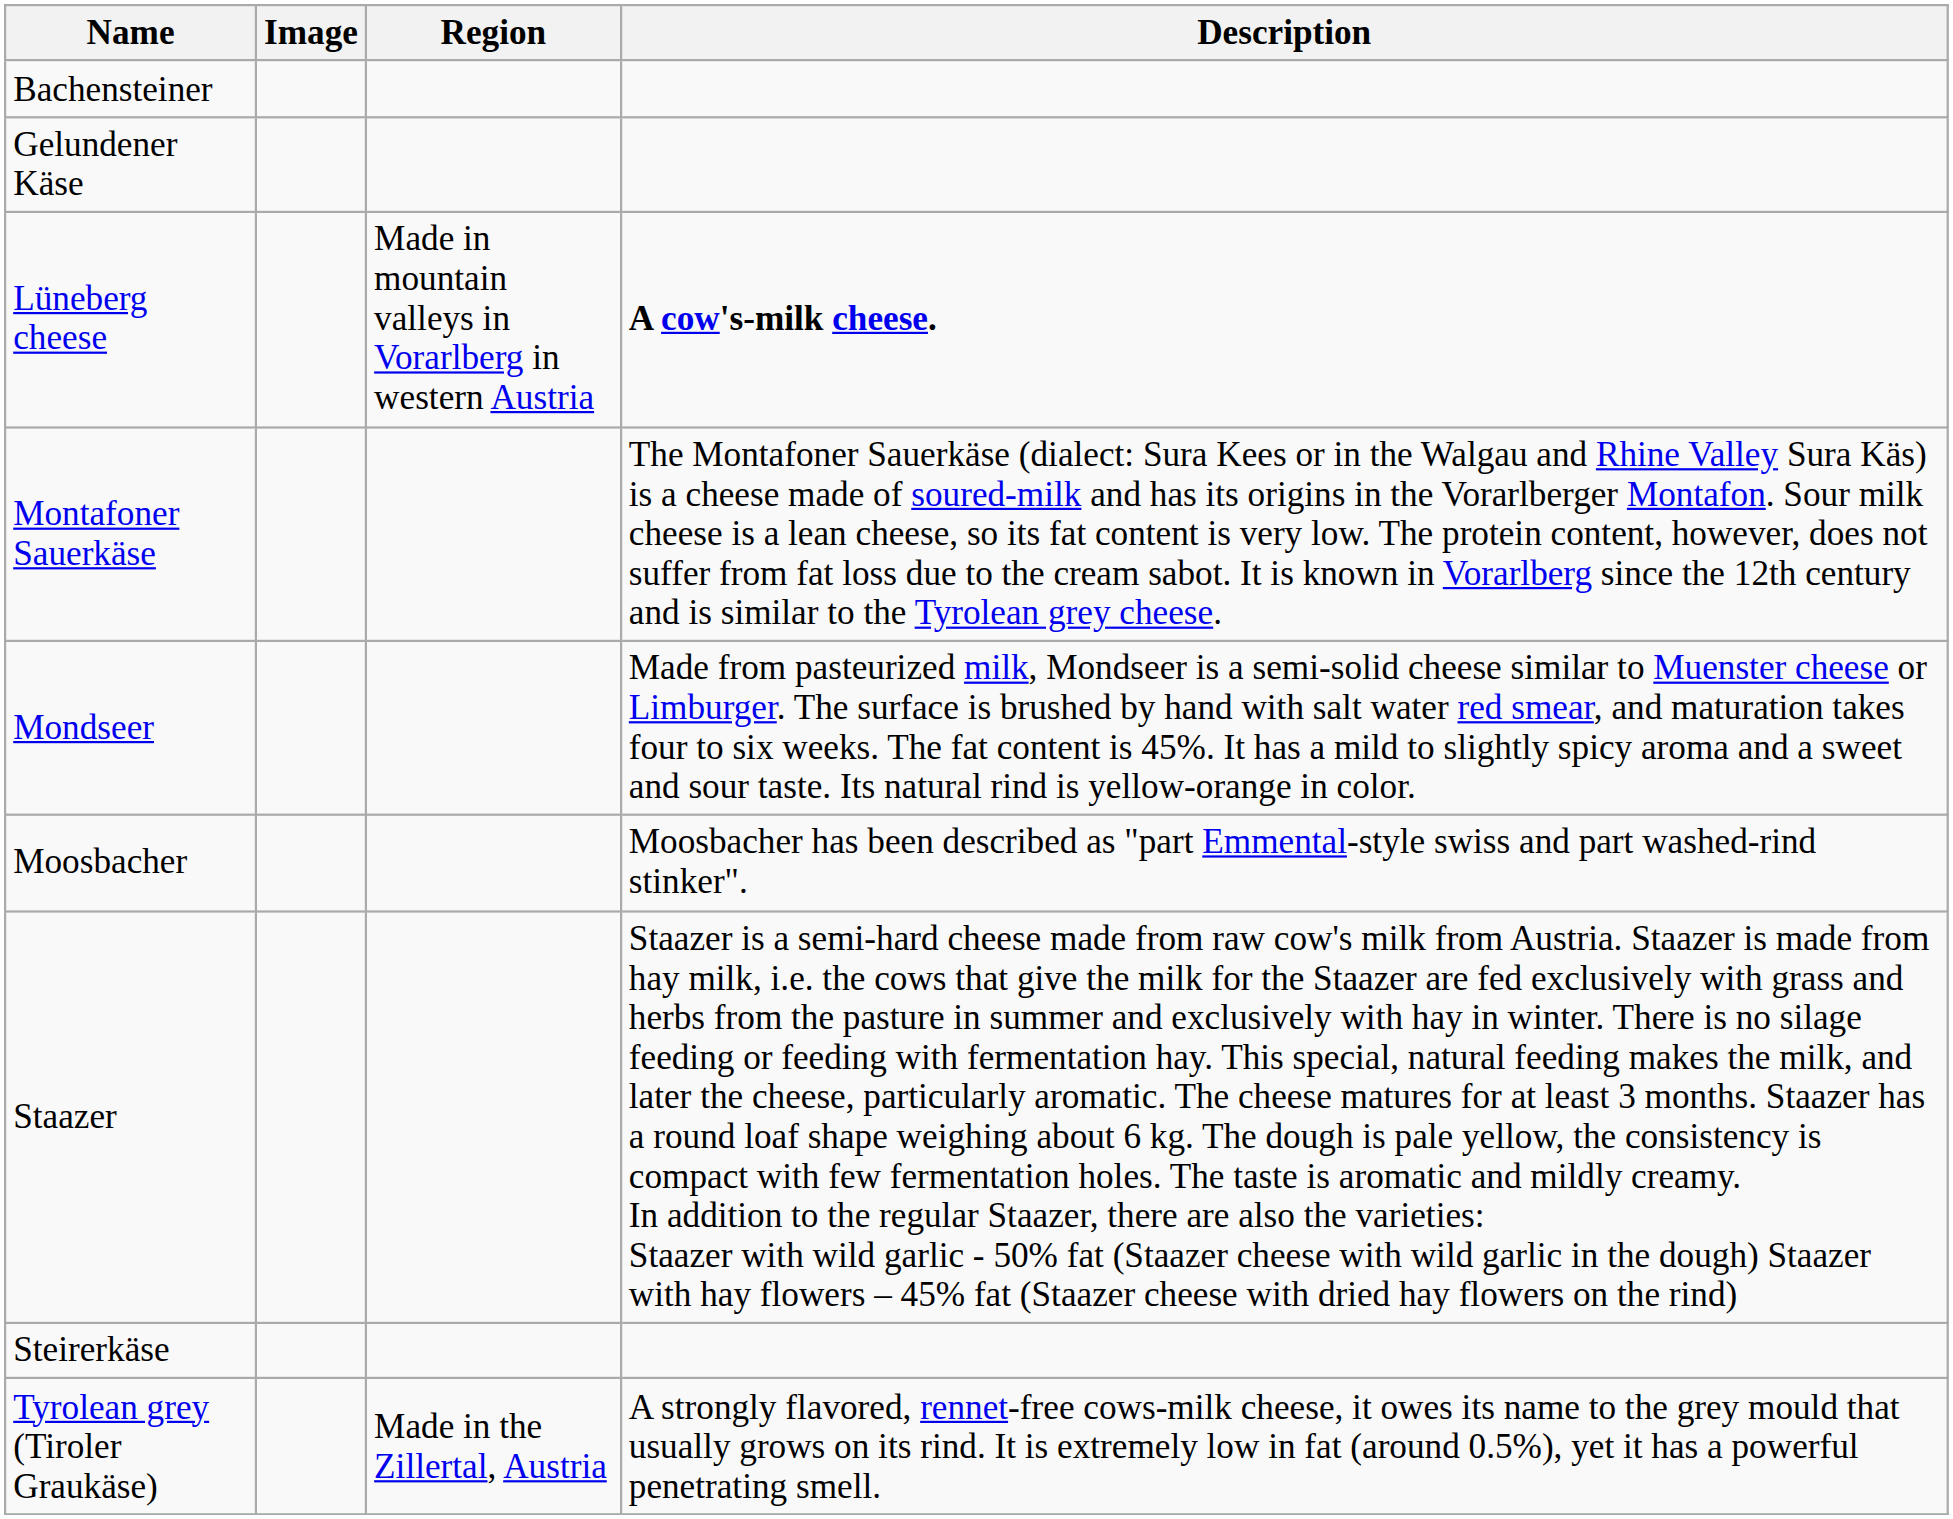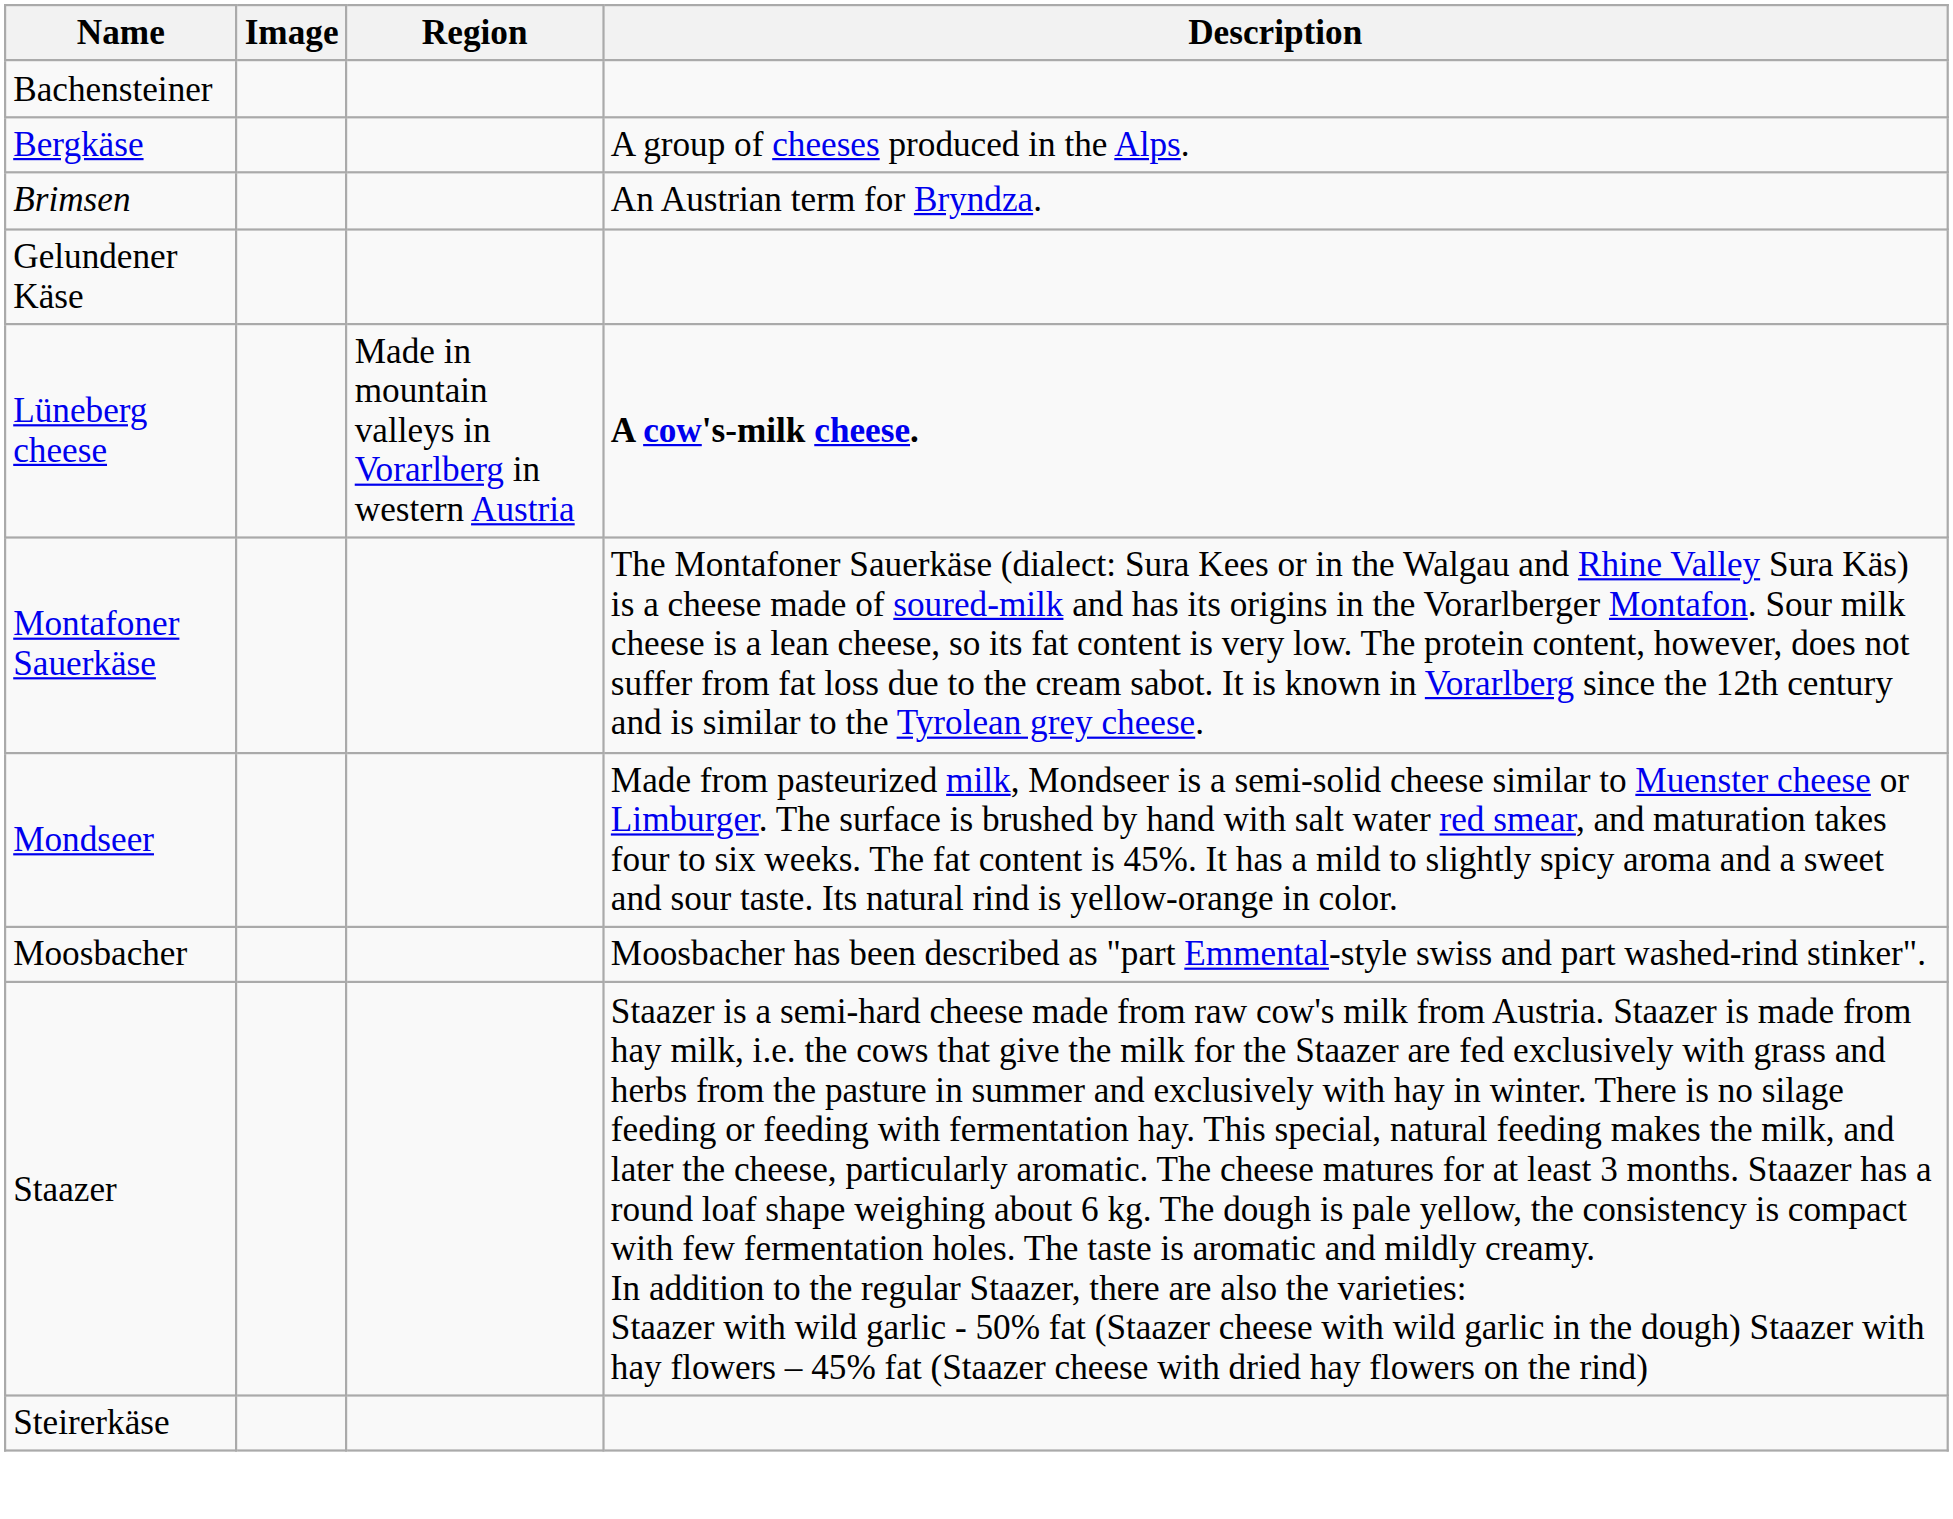 <table class="wikitable sortable" style="width:100%">
 <tr>
 <th>Name</th>
 <th class="unsortable">Image</th>
 <th>Region</th>
 <th>Description</th>
 </tr>
 <tr>
 <td>Bachensteiner</td>
 <td></td>
 <td></td>
 <td></td>
+</tr>
+<tr>
+<td><a href='#'>Bergkäse</a></td>
+<td></td>
+<td></td>
+<td>A group of <a href='#'>cheeses</a> produced in the <a href='#'>Alps</a>.</td>
+</tr>
+<tr>
+<td><em>Brimsen</em></td>
+<td></td>
+<td></td>
+<td>An Austrian term for <a href='#'>Bryndza</a>.</td>
 </tr>
 <tr>
 <td>Gelundener Käse</td>
 <td></td>
 <td></td>
 <td></td>
 </tr>
 <tr>
 <td><a href='#'>Lüneberg cheese</a></td>
 <td></td>
 <td>Made in mountain valleys in <a href='#'>Vorarlberg</a> in western <a href='#'>Austria</a></td>
 <td><strong>A <a href='#'>cow</a>'s-milk <a href='#'>cheese</a>.</strong></td>
 </tr>
 <tr>
 <td><a href='#'>Montafoner Sauerkäse</a></td>
 <td></td>
 <td></td>
 <td>The Montafoner Sauerkäse (dialect: Sura Kees or in the Walgau and <a href='#'>Rhine Valley</a> Sura Käs) is a cheese made of <a href='#'>soured-milk</a> and has its origins in the Vorarlberger <a href='#'>Montafon</a>. Sour milk cheese is a lean cheese, so its fat content is very low. The protein content, however, does not suffer from fat loss due to the cream sabot. It is known in <a href='#'>Vorarlberg</a> since the 12th century and is similar to the <a href='#'>Tyrolean grey cheese</a>.</td>
 </tr>
 <tr>
 <td><a href='#'>Mondseer</a></td>
 <td></td>
 <td></td>
 <td>Made from pasteurized <a href='#'>milk</a>, Mondseer is a semi-solid cheese similar to <a href='#'>Muenster cheese</a> or <a href='#'>Limburger</a>. The surface is brushed by hand with salt water <a href='#'>red smear</a>, and maturation takes four to six weeks. The fat content is 45%. It has a mild to slightly spicy aroma and a sweet and sour taste. Its natural rind is yellow-orange in color.</td>
 </tr>
 <tr>
 <td>Moosbacher</td>
 <td></td>
 <td></td>
 <td>Moosbacher has been described as "part <a href='#'>Emmental</a>-style swiss and part washed-rind stinker".</td>
 </tr>
 <tr>
 <td>Staazer</td>
 <td></td>
 <td></td>
 <td>Staazer is a semi-hard cheese made from raw cow's milk from Austria. Staazer is made from hay milk, i.e. the cows that give the milk for the Staazer are fed exclusively with grass and herbs from the pasture in summer and exclusively with hay in winter. There is no silage feeding or feeding with fermentation hay. This special, natural feeding makes the milk, and later the cheese, particularly aromatic. The cheese matures for at least 3 months. Staazer has a round loaf shape weighing about 6 kg. The dough is pale yellow, the consistency is compact with few fermentation holes. The taste is aromatic and mildly creamy.<br>In addition to the regular Staazer, there are also the varieties:<br>Staazer with wild garlic - 50% fat (Staazer cheese with wild garlic in the dough) Staazer with hay flowers – 45% fat (Staazer cheese with dried hay flowers on the rind)</td>
 </tr>
 <tr an>
 <td>Steirerkäse</td>
 <td></td>
 <td></td>
 <td></td>
 </tr>
-<tr>
-<td><a href='#'>Tyrolean grey</a> (Tiroler Graukäse)</td>
-<td></td>
-<td>Made in the <a href='#'>Zillertal</a>, <a href='#'>Austria</a></td>
-<td>A strongly flavored, <a href='#'>rennet</a>-free cows-milk cheese, it owes its name to the grey mould that usually grows on its rind. It is extremely low in fat (around 0.5%), yet it has a powerful penetrating smell.</td>
-</tr>
 </table>
